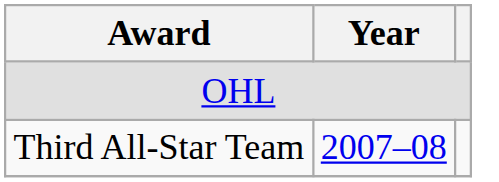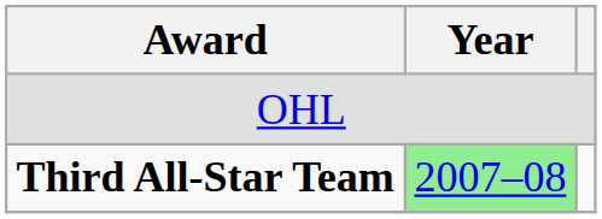 <table class="wikitable">
 <tr>
 <th>Award</th>
 <th>Year</th>
 <th></th>
 </tr>
 <tr style="text-align:center; background:#e0e0e0;">
 <td colspan="3"><a href='#'>OHL</a></td>
 </tr>
 <tr>
-<td>Third All-Star Team</td>
-<td><a href='#'>2007–08</a></td>
+<td><strong>Third All-Star Team</strong></td>
+<td style="background: lightgreen;"><a href='#'>2007–08</a></td>
 <td></td>
 </tr>
 <tr>
 </tr>
 </table>
